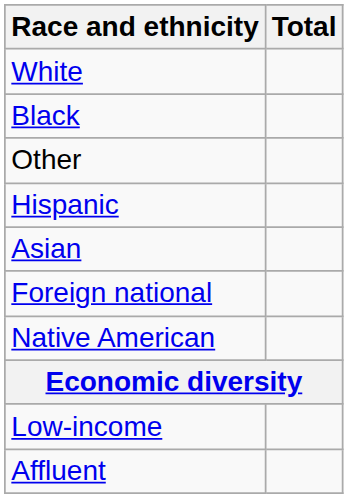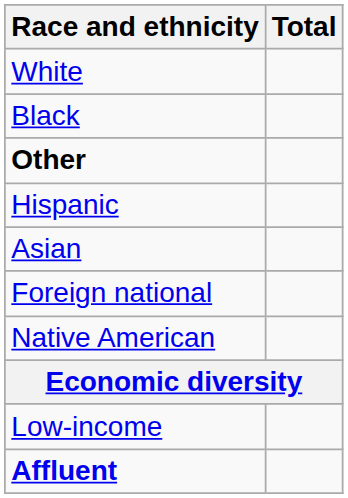 <table class="wikitable floatright sortable collapsible"; text-align:right; font-size:80%;">
 <tr>
 <th>Race and ethnicity</th>
 <th colspan="2" data-sort-type=number>Total</th>
 </tr>
 <tr>
 <td><a href='#'>White</a></td>
 <td align=right></td>
 </tr>
 <tr>
 <td><a href='#'>Black</a></td>
 <td align=right></td>
 </tr>
 <tr>
-<td>Other</td>
+<td><strong>Other</strong></td>
 <td align=right></td>
 </tr>
 <tr>
 <td><a href='#'>Hispanic</a></td>
 <td align=right></td>
 </tr>
 <tr>
 <td><a href='#'>Asian</a></td>
 <td align=right></td>
 </tr>
 <tr>
 <td><a href='#'>Foreign national</a></td>
 <td align=right></td>
 </tr>
 <tr>
 <td><a href='#'>Native American</a></td>
 <td align=right></td>
 </tr>
 <tr>
 <th colspan="4" data-sort-type=number><a href='#'>Economic diversity</a></th>
 </tr>
 <tr>
 <td><a href='#'>Low-income</a></td>
 <td align=right></td>
 </tr>
 <tr>
-<td><a href='#'>Affluent</a></td>
+<td><strong><a href='#'>Affluent</a></strong></td>
 <td align=right></td>
 </tr>
 </table>
